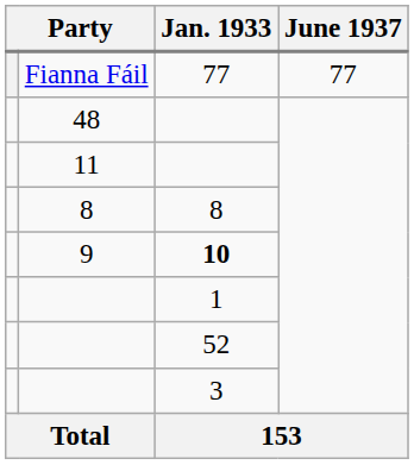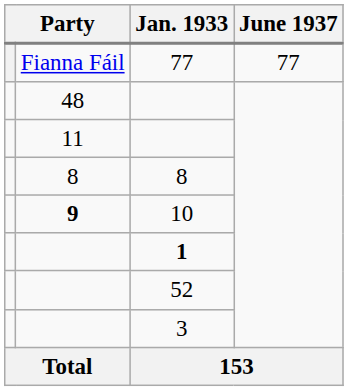 <table class="wikitable" style="font-size: 95%;">
 <tr style="background-color:#E9E9E9; border-bottom: 2px solid gray;">
 <th colspan=2>Party</th>
 <th>Jan. 1933</th>
 <th>June 1937</th>
 </tr>
 <tr>
 <th style="background-color: "></th>
 <td><a href='#'>Fianna Fáil</a></td>
 <td align="center">77</td>
 <td align="center">77</td>
 </tr>
 <tr>
 <td></td>
 <td align="center">48</td>
 <td></td>
 </tr>
 <tr>
 <td></td>
 <td align="center">11</td>
 <td></td>
 </tr>
 <tr>
 <td></td>
 <td align="center">8</td>
 <td align="center">8</td>
 </tr>
 <tr>
 <td></td>
-<td align="center">9</td>
-<td align="center"><strong>10</strong></td>
+<td align="center"><strong>9</strong></td>
+<td align="center">10</td>
 </tr>
 <tr>
 <td></td>
 <td></td>
-<td align="center">1</td>
+<td align="center"><strong>1</strong></td>
 </tr>
 <tr>
 <td></td>
 <td></td>
 <td align="center">52</td>
 </tr>
 <tr>
 <td></td>
 <td></td>
 <td align="center">3</td>
 </tr>
 <tr>
 <th colspan="2">Total</th>
 <th colspan="2" align="center">153</th>
 </tr>
 </table>
